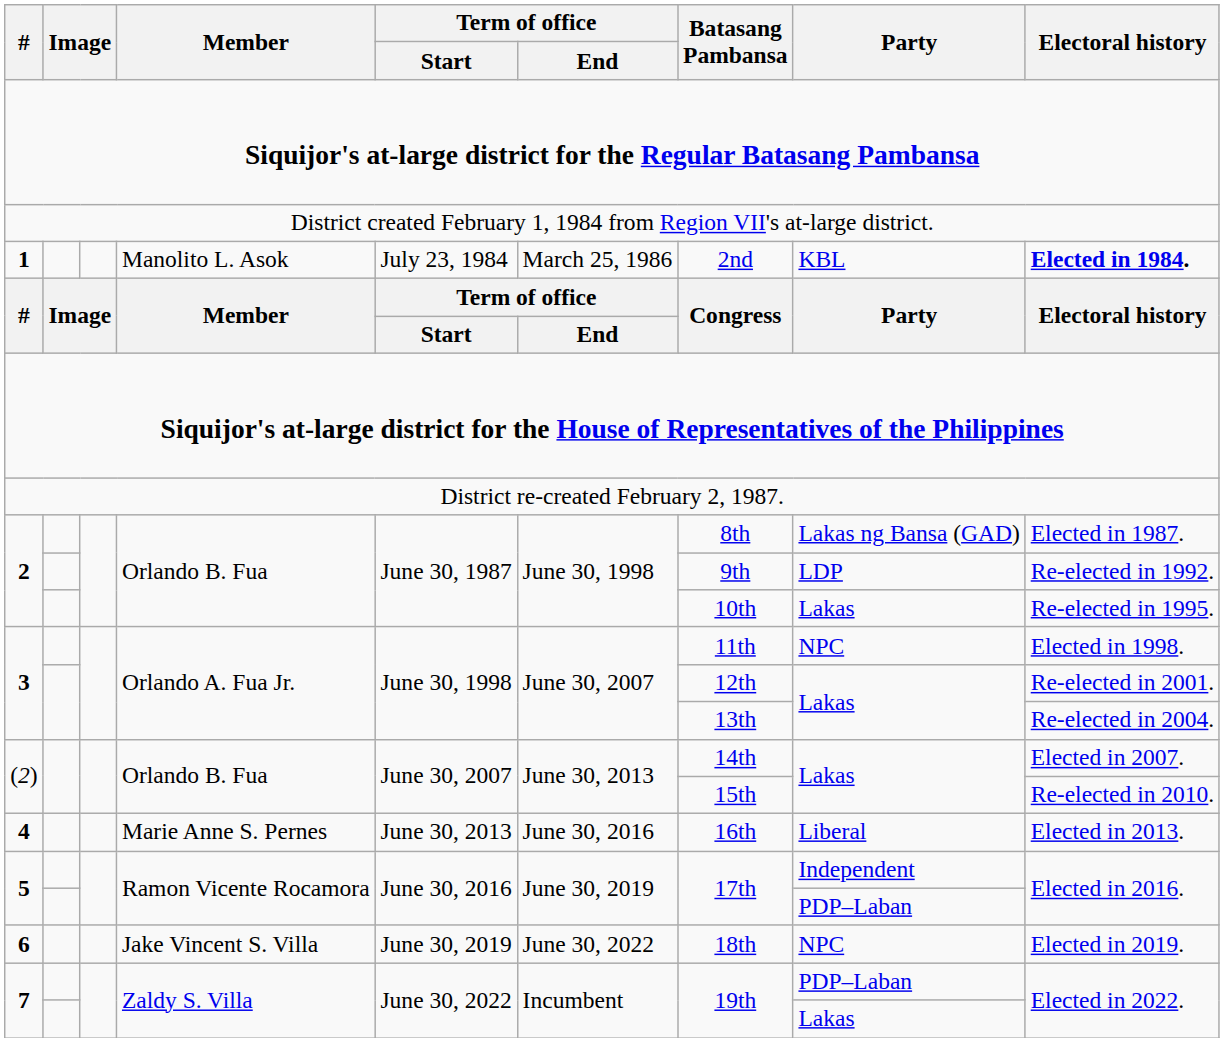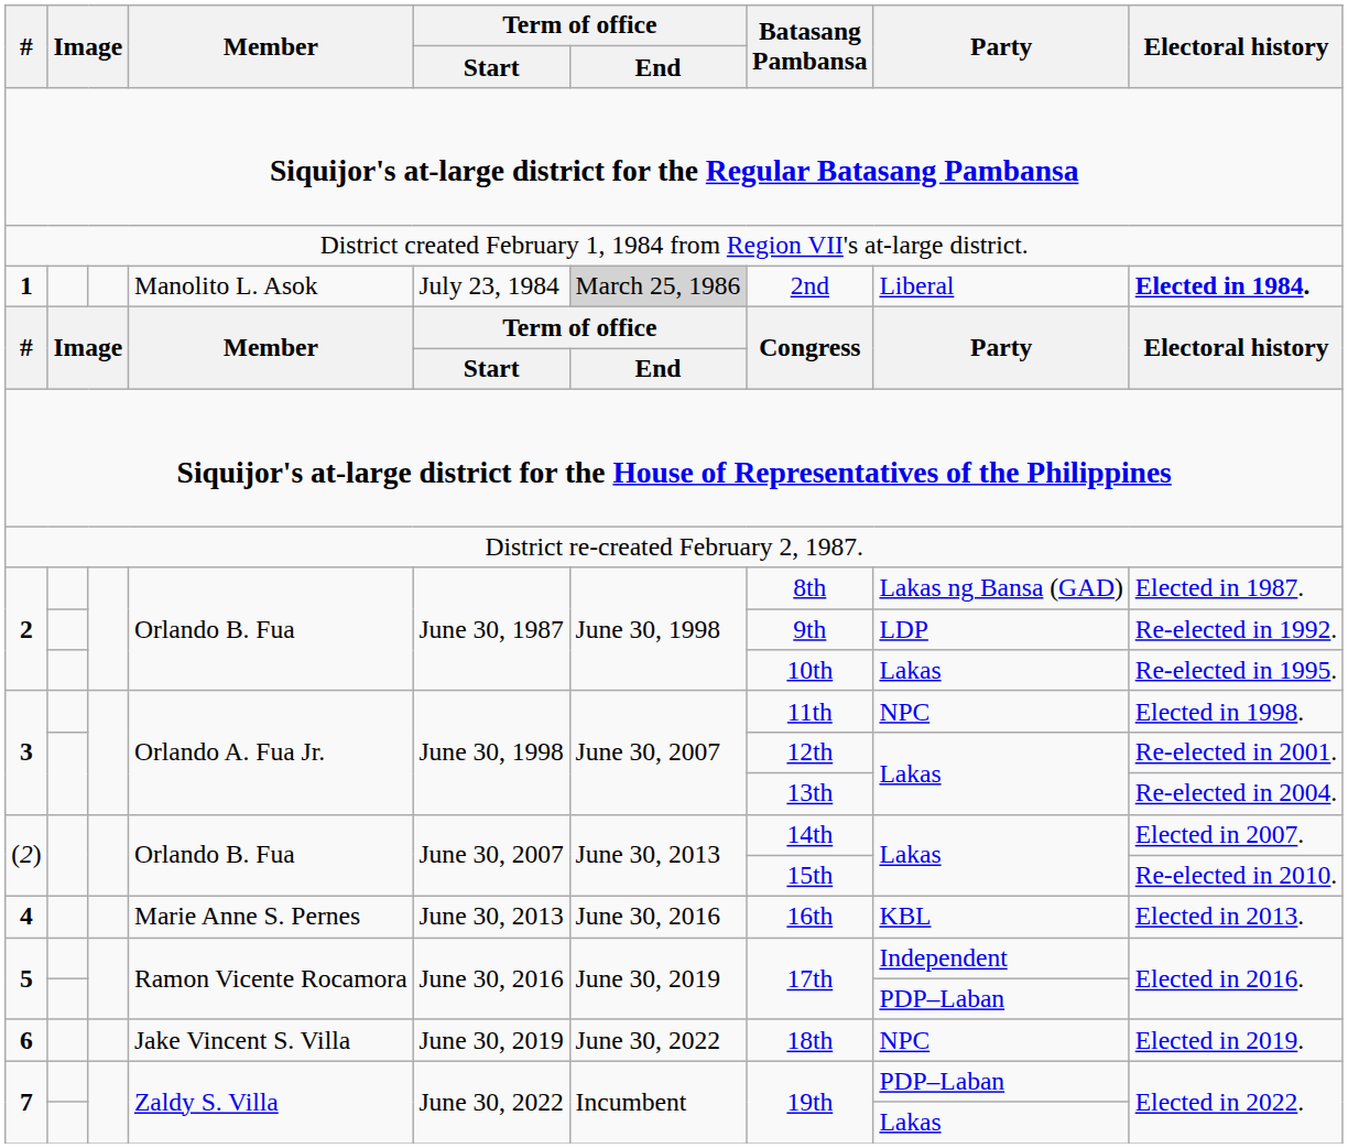 <table class=wikitable>
 <tr>
 <th rowspan="2">#</th>
 <th rowspan="2" colspan=2>Image</th>
 <th rowspan="2">Member</th>
 <th colspan=2>Term of office</th>
 <th rowspan="2">Batasang<br>Pambansa</th>
 <th rowspan="2">Party</th>
 <th rowspan="2">Electoral history</th>
 </tr>
 <tr>
 <th>Start</th>
 <th>End</th>
 </tr>
 <tr>
 <td colspan="9" style="text-align:center;"><br><h3>Siquijor's at-large district for the <a href='#'>Regular Batasang Pambansa</a></h3></td>
 </tr>
 <tr>
 <td colspan="9" style="text-align:center;">District created February 1, 1984 from <a href='#'>Region VII</a>'s at-large district.</td>
 </tr>
 <tr>
 <td style="text-align:center;"><strong>1</strong></td>
 <td style="color:inherit;background:"></td>
 <td></td>
 <td>Manolito L. Asok</td>
 <td>July 23, 1984</td>
-<td>March 25, 1986</td>
+<td style="background: lightgrey;">March 25, 1986</td>
 <td style="text-align:center;"><a href='#'>2nd</a></td>
-<td><a href='#'>KBL</a></td>
+<td><a href='#'>Liberal</a></td>
 <td><strong><a href='#'>Elected in 1984</a>.</strong></td>
 </tr>
 <tr>
 <th rowspan="2">#</th>
 <th rowspan="2" colspan=2>Image</th>
 <th rowspan="2">Member</th>
 <th colspan=2>Term of office</th>
 <th rowspan="2">Congress</th>
 <th rowspan="2">Party</th>
 <th rowspan="2">Electoral history</th>
 </tr>
 <tr>
 <th>Start</th>
 <th>End</th>
 </tr>
 <tr>
 <td colspan="9" style="text-align:center;"><br><h3>Siquijor's at-large district for the <a href='#'>House of Representatives of the Philippines</a></h3></td>
 </tr>
 <tr>
 <td colspan="9" style="text-align:center;">District re-created February 2, 1987.</td>
 </tr>
 <tr>
 <td rowspan="3" style="text-align:center;"><strong>2</strong></td>
 <td style="color:inherit;background:"></td>
 <td rowspan="3"></td>
 <td rowspan="3">Orlando B. Fua</td>
 <td rowspan="3">June 30, 1987</td>
 <td rowspan="3">June 30, 1998</td>
 <td style="text-align:center;"><a href='#'>8th</a></td>
 <td><a href='#'>Lakas ng Bansa</a> (<a href='#'>GAD</a>)</td>
 <td><a href='#'>Elected in 1987</a>.</td>
 </tr>
 <tr>
 <td style="color:inherit;background:"></td>
 <td style="text-align:center;"><a href='#'>9th</a></td>
 <td><a href='#'>LDP</a></td>
 <td><a href='#'>Re-elected in 1992</a>.</td>
 </tr>
 <tr>
 <td style="color:inherit;background:"></td>
 <td style="text-align:center;"><a href='#'>10th</a></td>
 <td><a href='#'>Lakas</a></td>
 <td><a href='#'>Re-elected in 1995</a>.</td>
 </tr>
 <tr>
 <td rowspan="3" style="text-align:center;"><strong>3</strong></td>
 <td style="color:inherit;background:"></td>
 <td rowspan="3"></td>
 <td rowspan="3">Orlando A. Fua Jr.</td>
 <td rowspan="3">June 30, 1998</td>
 <td rowspan="3">June 30, 2007</td>
 <td style="text-align:center;"><a href='#'>11th</a></td>
 <td><a href='#'>NPC</a></td>
 <td><a href='#'>Elected in 1998</a>.</td>
 </tr>
 <tr>
 <td rowspan="2" style="color:inherit;background:"></td>
 <td style="text-align:center;"><a href='#'>12th</a></td>
 <td rowspan="2"><a href='#'>Lakas</a></td>
 <td><a href='#'>Re-elected in 2001</a>.</td>
 </tr>
 <tr>
 <td style="text-align:center;"><a href='#'>13th</a></td>
 <td><a href='#'>Re-elected in 2004</a>.</td>
 </tr>
 <tr>
 <td rowspan="2" style="text-align:center;">(<em>2</em>)</td>
 <td rowspan="2" style="color:inherit;background:"></td>
 <td rowspan="2"></td>
 <td rowspan="2">Orlando B. Fua</td>
 <td rowspan="2">June 30, 2007</td>
 <td rowspan="2">June 30, 2013</td>
 <td style="text-align:center;"><a href='#'>14th</a></td>
 <td rowspan="2"><a href='#'>Lakas</a></td>
 <td><a href='#'>Elected in 2007</a>.</td>
 </tr>
 <tr>
 <td style="text-align:center;"><a href='#'>15th</a></td>
 <td><a href='#'>Re-elected in 2010</a>.</td>
 </tr>
 <tr>
 <td style="text-align:center;"><strong>4</strong></td>
 <td style="color:inherit;background:"></td>
 <td></td>
 <td>Marie Anne S. Pernes</td>
 <td>June 30, 2013</td>
 <td>June 30, 2016</td>
 <td style="text-align:center;"><a href='#'>16th</a></td>
-<td><a href='#'>Liberal</a></td>
+<td><a href='#'>KBL</a></td>
 <td><a href='#'>Elected in 2013</a>.</td>
 </tr>
 <tr>
 <td style="text-align:center;" rowspan="2"><strong>5</strong></td>
 <td style="color:inherit;background:"></td>
 <td rowspan="2"></td>
 <td rowspan="2">Ramon Vicente Rocamora</td>
 <td rowspan="2">June 30, 2016</td>
 <td rowspan="2">June 30, 2019</td>
 <td style="text-align:center;" rowspan="2"><a href='#'>17th</a></td>
 <td><a href='#'>Independent</a></td>
 <td rowspan="2"><a href='#'>Elected in 2016</a>.</td>
 </tr>
 <tr>
 <td style="color:inherit;background:"></td>
 <td><a href='#'>PDP–Laban</a></td>
 </tr>
 <tr>
 <td style="text-align:center;"><strong>6</strong></td>
 <td style="color:inherit;background:"></td>
 <td></td>
 <td>Jake Vincent S. Villa</td>
 <td>June 30, 2019</td>
 <td>June 30, 2022</td>
 <td style="text-align:center;"><a href='#'>18th</a></td>
 <td><a href='#'>NPC</a></td>
 <td><a href='#'>Elected in 2019</a>.</td>
 </tr>
 <tr>
 <td style="text-align:center;" rowspan="2"><strong>7</strong></td>
 <td style="color:inherit;background:"></td>
 <td rowspan="2"></td>
 <td rowspan="2"><a href='#'>Zaldy S. Villa</a></td>
 <td rowspan="2">June 30, 2022</td>
 <td rowspan="2">Incumbent</td>
 <td style="text-align:center;" rowspan="2"><a href='#'>19th</a></td>
 <td><a href='#'>PDP–Laban</a></td>
 <td rowspan="2"><a href='#'>Elected in 2022</a>.</td>
 </tr>
 <tr>
 <td style="color:inherit;background:"></td>
 <td><a href='#'>Lakas</a></td>
 </tr>
 </table>
